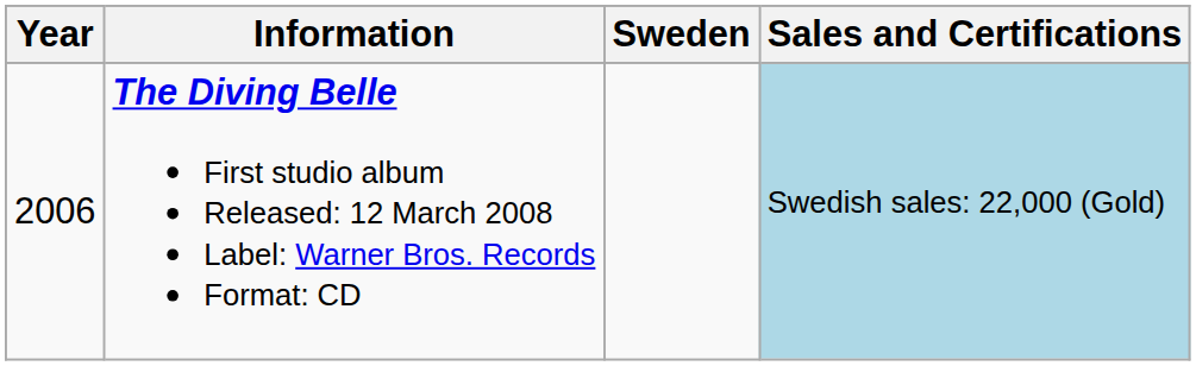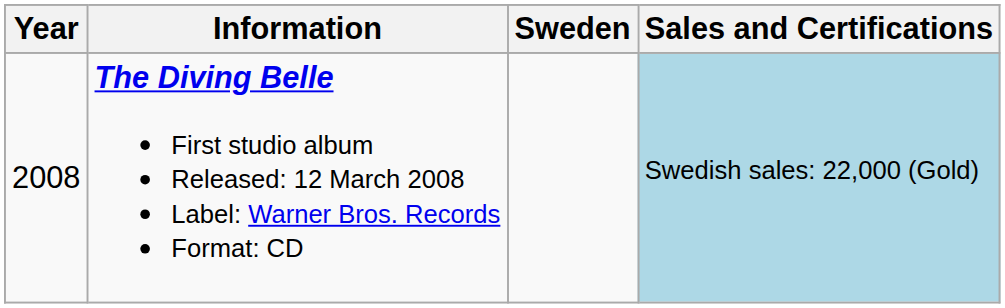 <table class="wikitable">
 <tr>
 <th style="text-align:center;">Year</th>
 <th style="text-align:center;">Information</th>
 <th style="text-align:center;">Sweden</th>
 <th style="text-align:center;">Sales and Certifications</th>
 </tr>
 <tr>
-<td>2006</td>
+<td>2008</td>
 <td><strong><em><a href='#'>The Diving Belle</a></em></strong><br><ul><li><small>First studio album</small></li><li><small>Released: 12 March 2008</small></li><li><small>Label: <a href='#'>Warner Bros. Records</a></small></li><li><small>Format: CD</small></li></ul></td>
 <td></td>
 <td style="background: lightblue;"><sup>Swedish sales: 22,000 (Gold)</sup></td>
 </tr>
 </table>
